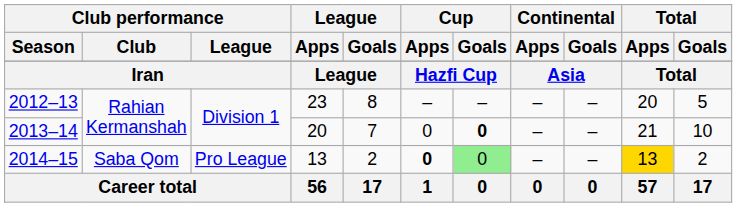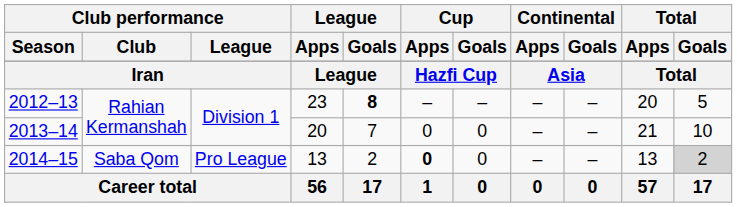 <table class="wikitable" style="text-align:center">
 <tr>
 <th colspan=3>Club performance</th>
 <th colspan=2>League</th>
 <th colspan=2>Cup</th>
 <th colspan=2>Continental</th>
 <th colspan=2>Total</th>
 </tr>
 <tr>
 <th>Season</th>
 <th>Club</th>
 <th>League</th>
 <th>Apps</th>
 <th>Goals</th>
 <th>Apps</th>
 <th>Goals</th>
 <th>Apps</th>
 <th>Goals</th>
 <th>Apps</th>
 <th>Goals</th>
 </tr>
 <tr>
 </tr>
 <tr>
 <th colspan=3>Iran</th>
 <th colspan=2>League</th>
 <th colspan=2><a href='#'>Hazfi Cup</a></th>
 <th colspan=2><a href='#'>Asia</a></th>
 <th colspan=2>Total</th>
 </tr>
 <tr>
 <td><a href='#'>2012–13</a></td>
 <td rowspan="2"><a href='#'>Rahian<br>Kermanshah</a></td>
 <td rowspan="2"><a href='#'>Division 1</a></td>
 <td>23</td>
-<td>8</td>
+<td><strong>8</strong></td>
 <td>–</td>
 <td>–</td>
 <td>–</td>
 <td>–</td>
 <td>20</td>
 <td>5</td>
 </tr>
 <tr>
 <td><a href='#'>2013–14</a></td>
 <td>20</td>
 <td>7</td>
 <td>0</td>
-<td><strong>0</strong></td>
+<td>0</td>
 <td>–</td>
 <td>–</td>
 <td>21</td>
 <td>10</td>
 </tr>
 <tr>
 <td><a href='#'>2014–15</a></td>
 <td><a href='#'>Saba Qom</a></td>
 <td><a href='#'>Pro League</a></td>
 <td>13</td>
 <td>2</td>
 <td><strong>0</strong></td>
-<td style="background: lightgreen;">0</td>
+<td>0</td>
 <td>–</td>
 <td>–</td>
-<td style="background: gold;">13</td>
-<td>2</td>
+<td>13</td>
+<td style="background: lightgrey;">2</td>
 </tr>
 <tr>
 <th colspan=3>Career total</th>
 <th>56</th>
 <th>17</th>
 <th>1</th>
 <th>0</th>
 <th>0</th>
 <th>0</th>
 <th>57</th>
 <th>17</th>
 </tr>
 </table>
